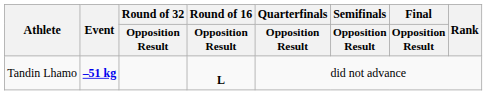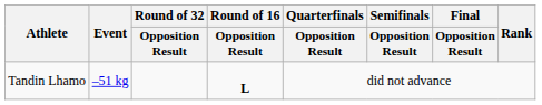 <table class=wikitable style=font-size:90%;text-align:center>
 <tr>
 <th rowspan="2">Athlete</th>
 <th rowspan="2">Event</th>
 <th>Round of 32</th>
 <th>Round of 16</th>
 <th>Quarterfinals</th>
 <th>Semifinals</th>
 <th>Final</th>
 <th rowspan=2>Rank</th>
 </tr>
 <tr style="font-size:95%">
 <th>Opposition<br>Result</th>
 <th>Opposition<br>Result</th>
 <th>Opposition<br>Result</th>
 <th>Opposition<br>Result</th>
 <th>Opposition<br>Result</th>
 </tr>
 <tr>
 <td align=left>Tandin Lhamo</td>
-<td align=left><strong><a href='#'>–51 kg</a></strong></td>
+<td align=left><a href='#'>–51 kg</a></td>
 <td></td>
 <td><br><strong>L</strong> </td>
 <td colspan=4>did not advance</td>
 </tr>
 </table>
